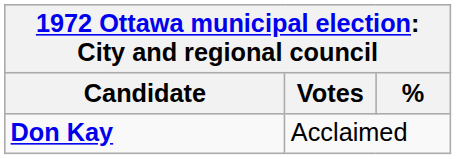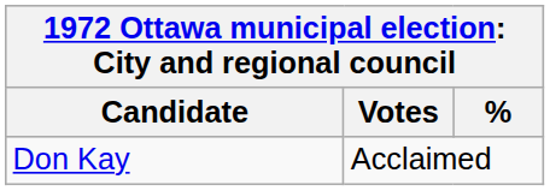 <table class="wikitable">
 <tr>
 <th colspan="3"><a href='#'>1972 Ottawa municipal election</a>: City and regional council</th>
 </tr>
 <tr>
 <th style="width: 170px">Candidate</th>
 <th style="width: 50px">Votes</th>
 <th style="width: 40px">%</th>
 </tr>
 <tr>
-<td><strong><a href='#'>Don Kay</a></strong></td>
+<td><a href='#'>Don Kay</a></td>
 <td colspan="2">Acclaimed</td>
 </tr>
 </table>
